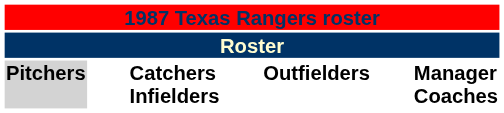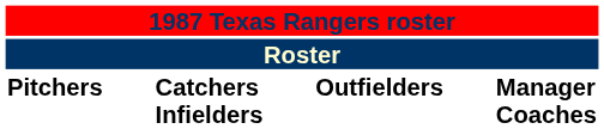 <table class="toccolours" style="font-size: 95%;">
 <tr>
 <th colspan="10" style="background-color: red; color: #003366; text-align: center;">1987 Texas Rangers roster</th>
 </tr>
 <tr>
 <td colspan="10" style="background-color: #003366; color: #FFFDD0; text-align: center;"><strong>Roster</strong></td>
 </tr>
 <tr>
-<td valign="top" style="background: lightgrey;"><strong>Pitchers</strong><br>                  </td>
+<td valign="top"><strong>Pitchers</strong><br>                  </td>
 <td width="25px"></td>
 <td valign="top"><strong>Catchers</strong><br>    <strong>Infielders</strong>          </td>
 <td width="25px"></td>
 <td valign="top"><strong>Outfielders</strong><br>     </td>
 <td width="25px"></td>
 <td valign="top"><strong>Manager</strong><br> <strong>Coaches</strong>     </td>
 </tr>
 <tr>
 </tr>
 </table>
